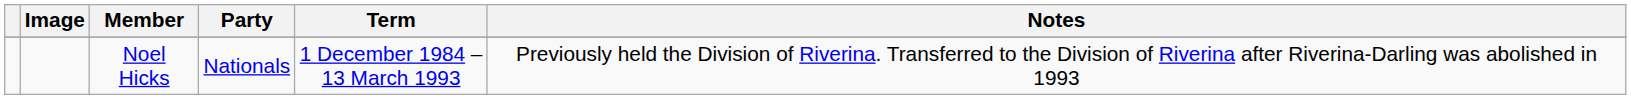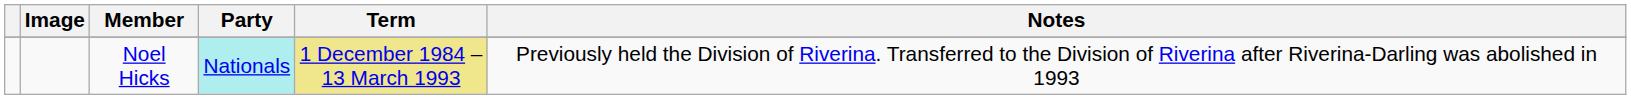 <table class=wikitable style="text-align:center">
 <tr>
 <th></th>
 <th>Image</th>
 <th>Member</th>
 <th>Party</th>
 <th>Term</th>
 <th>Notes</th>
 </tr>
 <tr>
 </tr>
 <tr>
 <td> </td>
 <td></td>
 <td><a href='#'>Noel Hicks</a><br></td>
-<td><a href='#'>Nationals</a></td>
-<td nowrap><a href='#'>1 December 1984</a> –<br><a href='#'>13 March 1993</a></td>
+<td style="background: paleturquoise;"><a href='#'>Nationals</a></td>
+<td nowrap style="background: khaki;"><a href='#'>1 December 1984</a> –<br><a href='#'>13 March 1993</a></td>
 <td>Previously held the Division of <a href='#'>Riverina</a>. Transferred to the Division of <a href='#'>Riverina</a> after Riverina-Darling was abolished in 1993</td>
 </tr>
 </table>
